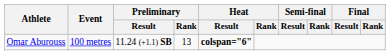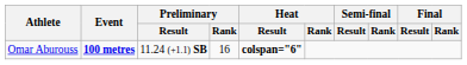 <table class=wikitable style=font-size:90%>
 <tr>
 <th rowspan=2>Athlete</th>
 <th rowspan=2>Event</th>
 <th colspan=2>Preliminary</th>
 <th colspan=2>Heat</th>
 <th colspan=2>Semi-final</th>
 <th colspan=2>Final</th>
 </tr>
 <tr style=font-size:95%>
 <th>Result</th>
 <th>Rank</th>
 <th>Result</th>
 <th>Rank</th>
 <th>Result</th>
 <th>Rank</th>
 <th>Result</th>
 <th>Rank</th>
 </tr>
 <tr align=center>
 <td align=left><a href='#'>Omar Aburouss</a></td>
-<td align=left><a href='#'>100 metres</a></td>
+<td align=left><strong><a href='#'>100 metres</a></strong></td>
 <td>11.24 <small>(+1.1)</small> <strong>SB</strong></td>
-<td>13</td>
+<td>16</td>
 <td><strong>colspan="6" </strong></td>
 </tr>
 </table>
